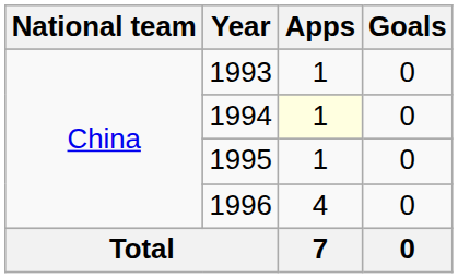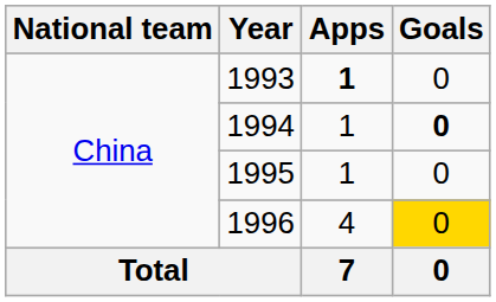 <table class="wikitable" style="text-align:center">
 <tr>
 <th>National team</th>
 <th>Year</th>
 <th>Apps</th>
 <th>Goals</th>
 </tr>
 <tr>
 <td rowspan="4"><a href='#'>China</a></td>
 <td>1993</td>
-<td>1</td>
+<td><strong>1</strong></td>
 <td>0</td>
 </tr>
 <tr>
 <td>1994</td>
-<td style="background: lightyellow;">1</td>
-<td>0</td>
+<td>1</td>
+<td><strong>0</strong></td>
 </tr>
 <tr>
 <td>1995</td>
 <td>1</td>
 <td>0</td>
 </tr>
 <tr>
 <td>1996</td>
 <td>4</td>
-<td>0</td>
+<td style="background: gold;">0</td>
 </tr>
 <tr>
 <th colspan=2>Total</th>
 <th>7</th>
 <th>0</th>
 </tr>
 </table>
